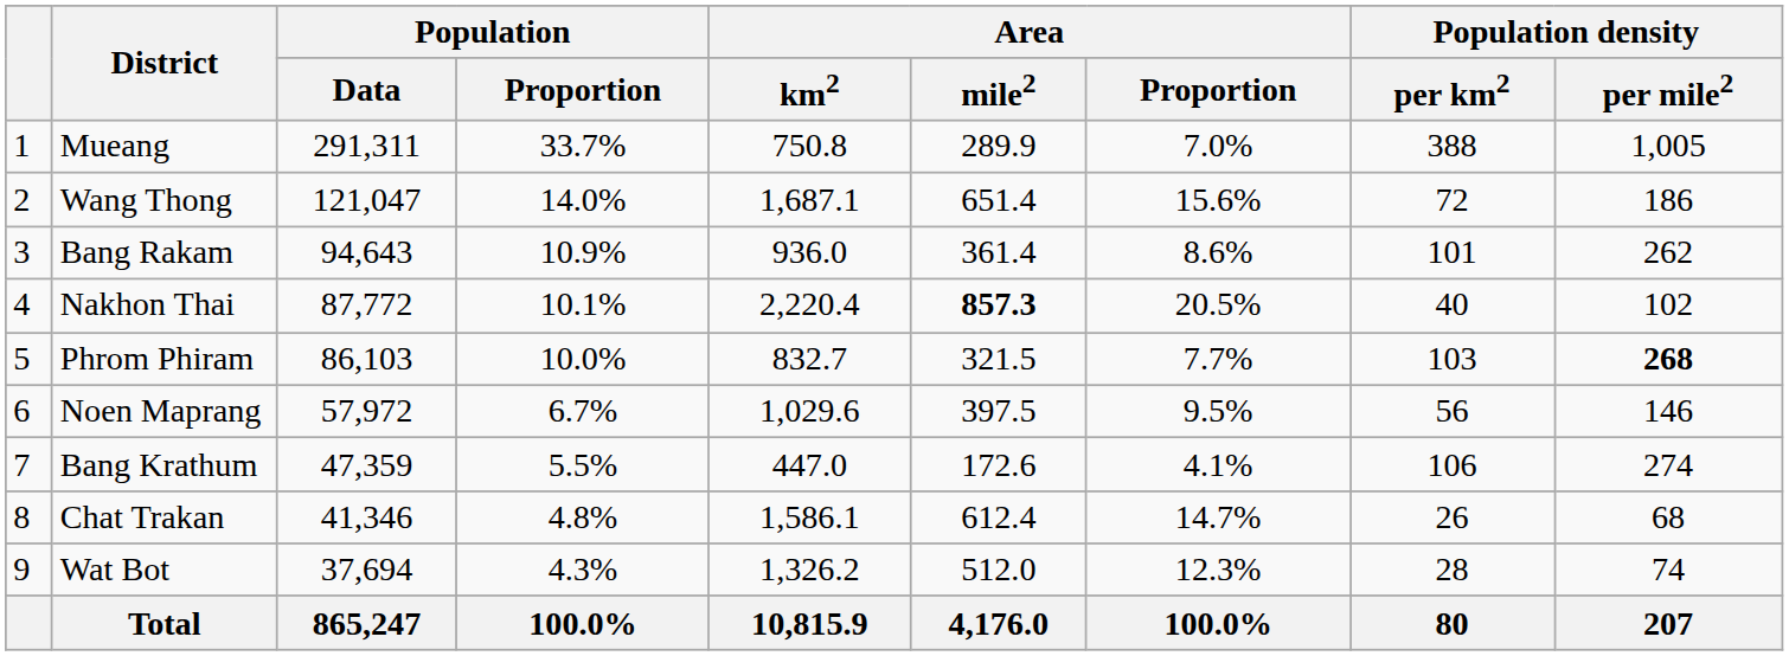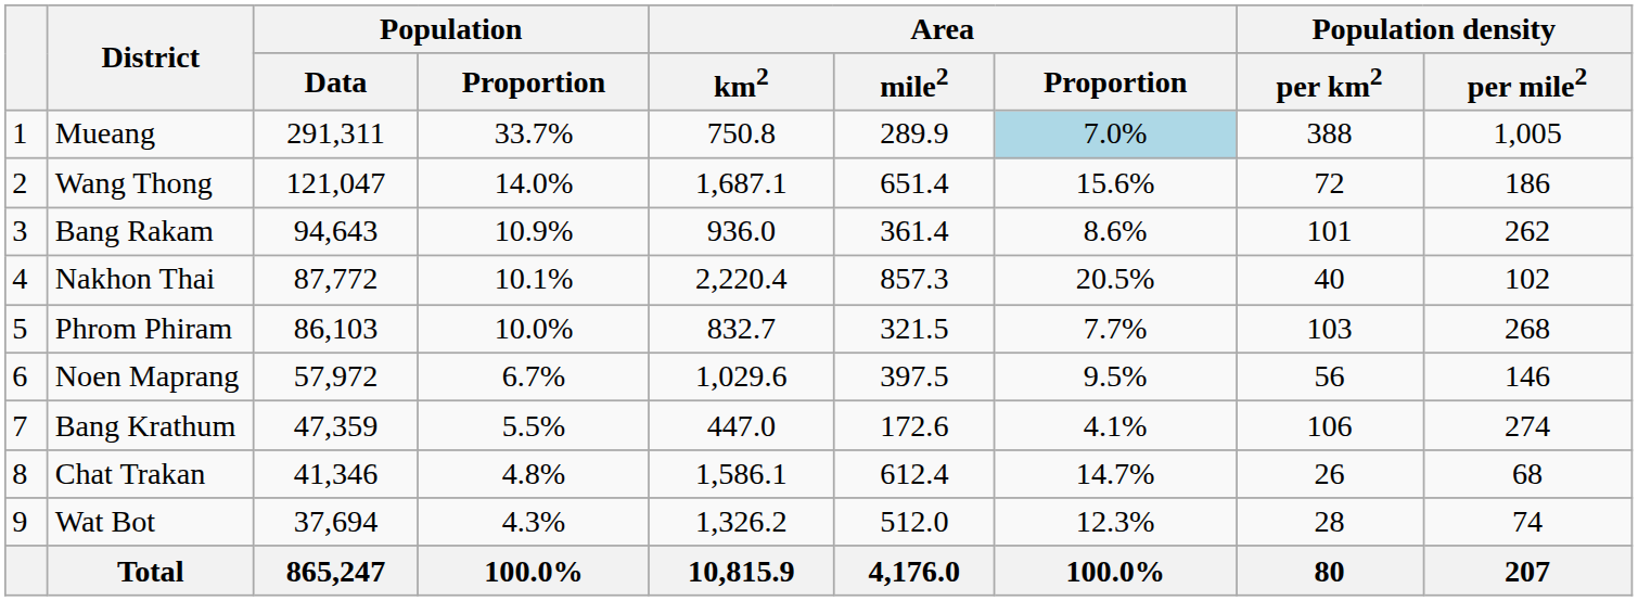 <table class="wikitable sortable">
 <tr>
 <th rowspan=2 style="width:15px;" class=unsortable></th>
 <th rowspan=2 style="width:100px;">District</th>
 <th colspan=2 style="width:200px;">Population</th>
 <th colspan=3 style="width:300px;">Area</th>
 <th colspan=2 style="width:200px;">Population density</th>
 </tr>
 <tr>
 <th>Data</th>
 <th>Proportion</th>
 <th>km<sup>2</sup></th>
 <th>mile<sup>2</sup></th>
 <th>Proportion</th>
 <th>per km<sup>2</sup></th>
 <th>per mile<sup>2</sup></th>
 </tr>
 <tr>
 <td>1</td>
 <td>Mueang</td>
 <td style="text-align:center;">291,311</td>
 <td style="text-align:center;">33.7%</td>
 <td style="text-align:center;">750.8</td>
 <td style="text-align:center;">289.9</td>
-<td style="text-align:center;">7.0%</td>
+<td style="background: lightblue; text-align:center;">7.0%</td>
 <td style="text-align:center;">388</td>
 <td style="text-align:center;">1,005</td>
 </tr>
 <tr>
 <td>2</td>
 <td>Wang Thong</td>
 <td style="text-align:center;">121,047</td>
 <td style="text-align:center;">14.0%</td>
 <td style="text-align:center;">1,687.1</td>
 <td style="text-align:center;">651.4</td>
 <td style="text-align:center;">15.6%</td>
 <td style="text-align:center;">72</td>
 <td style="text-align:center;">186</td>
 </tr>
 <tr>
 <td>3</td>
 <td>Bang Rakam</td>
 <td style="text-align:center;">94,643</td>
 <td style="text-align:center;">10.9%</td>
 <td style="text-align:center;">936.0</td>
 <td style="text-align:center;">361.4</td>
 <td style="text-align:center;">8.6%</td>
 <td style="text-align:center;">101</td>
 <td style="text-align:center;">262</td>
 </tr>
 <tr>
 <td>4</td>
 <td>Nakhon Thai</td>
 <td style="text-align:center;">87,772</td>
 <td style="text-align:center;">10.1%</td>
 <td style="text-align:center;">2,220.4</td>
-<td style="text-align:center;"><strong>857.3</strong></td>
+<td style="text-align:center;">857.3</td>
 <td style="text-align:center;">20.5%</td>
 <td style="text-align:center;">40</td>
 <td style="text-align:center;">102</td>
 </tr>
 <tr>
 <td>5</td>
 <td>Phrom Phiram</td>
 <td style="text-align:center;">86,103</td>
 <td style="text-align:center;">10.0%</td>
 <td style="text-align:center;">832.7</td>
 <td style="text-align:center;">321.5</td>
 <td style="text-align:center;">7.7%</td>
 <td style="text-align:center;">103</td>
-<td style="text-align:center;"><strong>268</strong></td>
+<td style="text-align:center;">268</td>
 </tr>
 <tr>
 <td>6</td>
 <td>Noen Maprang</td>
 <td style="text-align:center;">57,972</td>
 <td style="text-align:center;">6.7%</td>
 <td style="text-align:center;">1,029.6</td>
 <td style="text-align:center;">397.5</td>
 <td style="text-align:center;">9.5%</td>
 <td style="text-align:center;">56</td>
 <td style="text-align:center;">146</td>
 </tr>
 <tr>
 <td>7</td>
 <td>Bang Krathum</td>
 <td style="text-align:center;">47,359</td>
 <td style="text-align:center;">5.5%</td>
 <td style="text-align:center;">447.0</td>
 <td style="text-align:center;">172.6</td>
 <td style="text-align:center;">4.1%</td>
 <td style="text-align:center;">106</td>
 <td style="text-align:center;">274</td>
 </tr>
 <tr>
 <td>8</td>
 <td>Chat Trakan</td>
 <td style="text-align:center;">41,346</td>
 <td style="text-align:center;">4.8%</td>
 <td style="text-align:center;">1,586.1</td>
 <td style="text-align:center;">612.4</td>
 <td style="text-align:center;">14.7%</td>
 <td style="text-align:center;">26</td>
 <td style="text-align:center;">68</td>
 </tr>
 <tr>
 <td>9</td>
 <td>Wat Bot</td>
 <td style="text-align:center;">37,694</td>
 <td style="text-align:center;">4.3%</td>
 <td style="text-align:center;">1,326.2</td>
 <td style="text-align:center;">512.0</td>
 <td style="text-align:center;">12.3%</td>
 <td style="text-align:center;">28</td>
 <td style="text-align:center;">74</td>
 </tr>
 <tr>
 <th> </th>
 <th>Total</th>
 <th style="text-align:center;">865,247</th>
 <th style="text-align:center;">100.0%</th>
 <th style="text-align:center;">10,815.9</th>
 <th style="text-align:center;">4,176.0</th>
 <th style="text-align:center;">100.0%</th>
 <th style="text-align:center;">80</th>
 <th style="text-align:center;">207</th>
 </tr>
 </table>
